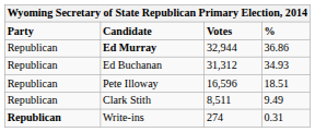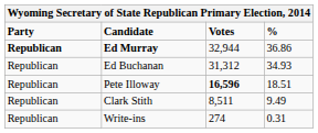 <table class="wikitable">
 <tr>
 <th colspan="4">Wyoming Secretary of State Republican Primary Election, 2014</th>
 </tr>
 <tr>
 <td><strong>Party</strong></td>
 <td><strong>Candidate</strong></td>
 <td><strong>Votes</strong></td>
 <td><strong>%</strong></td>
 </tr>
 <tr>
-<td>Republican</td>
+<td><strong>Republican</strong></td>
 <td><strong>Ed Murray</strong></td>
 <td>32,944</td>
 <td>36.86</td>
 </tr>
 <tr>
 <td>Republican</td>
 <td>Ed Buchanan</td>
 <td>31,312</td>
 <td>34.93</td>
 </tr>
 <tr>
 <td>Republican</td>
 <td>Pete Illoway</td>
-<td>16,596</td>
+<td><strong>16,596</strong></td>
 <td>18.51</td>
 </tr>
 <tr>
 <td>Republican</td>
 <td>Clark Stith</td>
 <td>8,511</td>
 <td>9.49</td>
 </tr>
 <tr>
-<td><strong>Republican</strong></td>
+<td>Republican</td>
 <td>Write-ins</td>
 <td>274</td>
 <td>0.31</td>
 </tr>
 </table>
